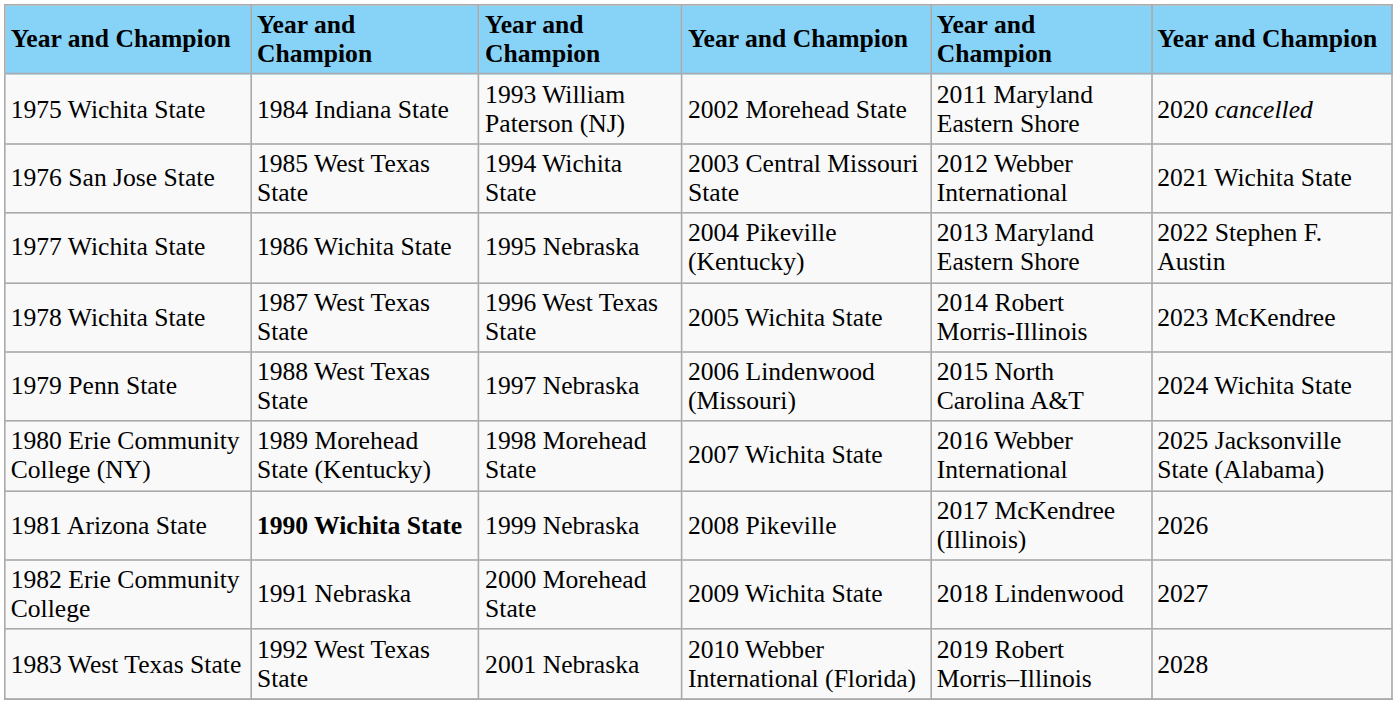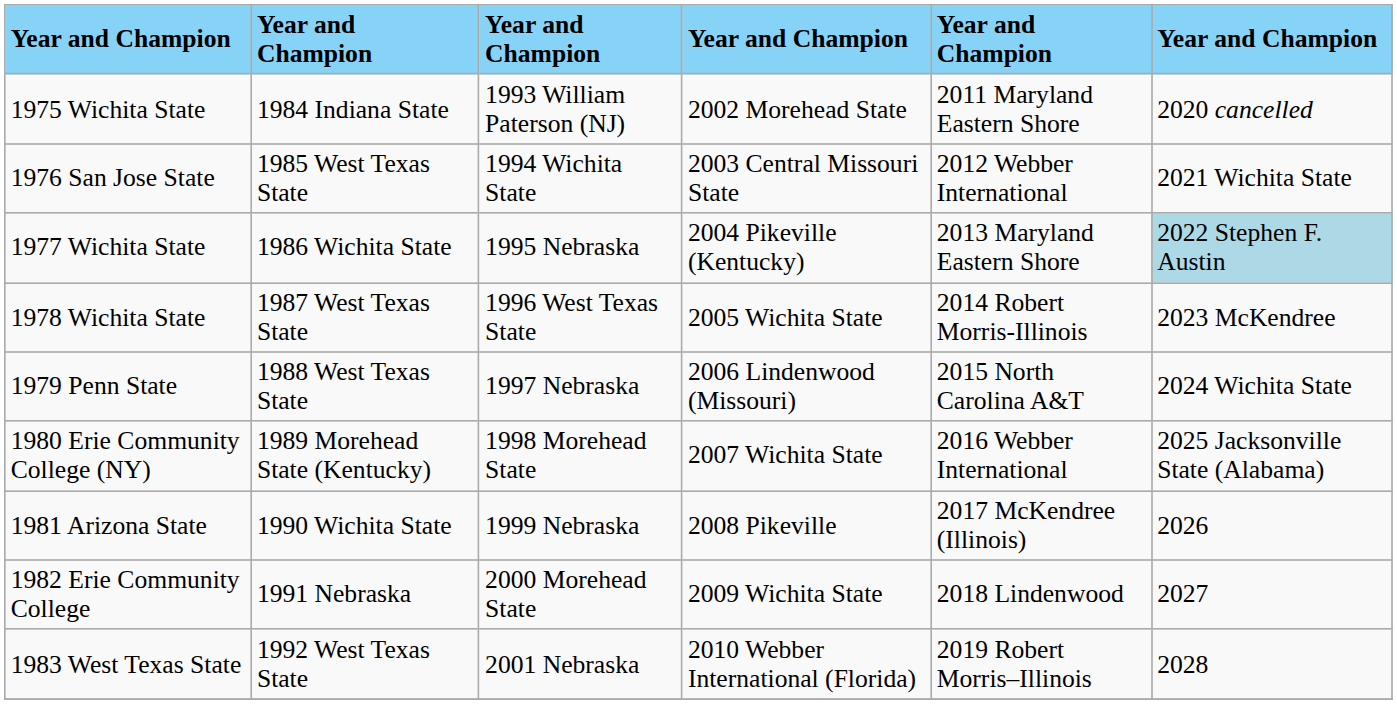 <table class="wikitable">
 <tr ! style="background-color: #87D3F8;">
 <td><strong>Year and Champion</strong></td>
 <td><strong>Year and Champion</strong></td>
 <td><strong>Year and Champion</strong></td>
 <td><strong>Year and Champion</strong></td>
 <td><strong>Year and Champion</strong></td>
 <td><strong>Year and Champion</strong></td>
 </tr>
 <tr --->
 <td>1975 Wichita State</td>
 <td>1984 Indiana State</td>
 <td>1993 William Paterson (NJ)</td>
 <td>2002 Morehead State</td>
 <td>2011 Maryland Eastern Shore</td>
 <td>2020 <em>cancelled</em></td>
 </tr>
 <tr --->
 <td>1976 San Jose State</td>
 <td>1985 West Texas State</td>
 <td>1994 Wichita State</td>
 <td>2003 Central Missouri State</td>
 <td>2012 Webber International</td>
 <td>2021 Wichita State</td>
 </tr>
 <tr --->
 <td>1977 Wichita State</td>
 <td>1986 Wichita State</td>
 <td>1995 Nebraska</td>
 <td>2004 Pikeville (Kentucky)</td>
 <td>2013 Maryland Eastern Shore</td>
-<td>2022 Stephen F. Austin</td>
+<td style="background: lightblue;">2022 Stephen F. Austin</td>
 </tr>
 <tr --->
 <td>1978 Wichita State</td>
 <td>1987 West Texas State</td>
 <td>1996 West Texas State</td>
 <td>2005 Wichita State</td>
 <td>2014 Robert Morris-Illinois</td>
 <td>2023 McKendree</td>
 </tr>
 <tr --->
 <td>1979 Penn State</td>
 <td>1988 West Texas State</td>
 <td>1997 Nebraska</td>
 <td>2006 Lindenwood (Missouri)</td>
 <td>2015 North Carolina A&T</td>
 <td>2024 Wichita State</td>
 </tr>
 <tr --->
 <td>1980 Erie Community College (NY)</td>
 <td>1989 Morehead State (Kentucky)</td>
 <td>1998 Morehead State</td>
 <td>2007 Wichita State</td>
 <td>2016 Webber International</td>
 <td>2025 Jacksonville State (Alabama)</td>
 </tr>
 <tr --->
 <td>1981 Arizona State</td>
-<td><strong>1990 Wichita State</strong></td>
+<td>1990 Wichita State</td>
 <td>1999 Nebraska</td>
 <td>2008 Pikeville</td>
 <td>2017 McKendree (Illinois)</td>
 <td>2026</td>
 </tr>
 <tr --->
 <td>1982 Erie Community College</td>
 <td>1991 Nebraska</td>
 <td>2000 Morehead State</td>
 <td>2009 Wichita State</td>
 <td>2018 Lindenwood</td>
 <td>2027</td>
 </tr>
 <tr --->
 <td>1983 West Texas State</td>
 <td>1992 West Texas State</td>
 <td>2001 Nebraska</td>
 <td>2010 Webber International (Florida)</td>
 <td>2019 Robert Morris–Illinois</td>
 <td>2028</td>
 </tr>
 <tr --->
 </tr>
 </table>
